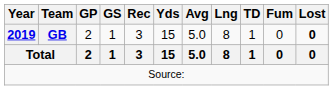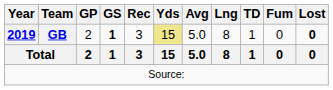 <table class="wikitable" style="text-align:center">
 <tr>
 <th>Year</th>
 <th>Team</th>
 <th>GP</th>
 <th>GS</th>
 <th>Rec</th>
 <th>Yds</th>
 <th>Avg</th>
 <th>Lng</th>
 <th>TD</th>
 <th>Fum</th>
 <th>Lost</th>
 </tr>
 <tr>
 <th><a href='#'>2019</a></th>
 <th><a href='#'>GB</a></th>
 <td>2</td>
-<td>1</td>
+<td><strong>1</strong></td>
 <td>3</td>
-<td>15</td>
+<td style="background: khaki;">15</td>
 <td>5.0</td>
 <td>8</td>
 <td>1</td>
 <td>0</td>
 <td><strong>0</strong></td>
 </tr>
 <tr>
 <th colspan="2">Total</th>
 <th>2</th>
 <th>1</th>
 <th>3</th>
 <th>15</th>
 <th>5.0</th>
 <th>8</th>
 <th>1</th>
 <th>0</th>
 <th>0</th>
 </tr>
 <tr>
 <td colspan="11"><small>Source: </small></td>
 </tr>
 </table>
